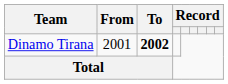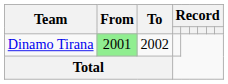 <table class="wikitable" style="text-align: center">
 <tr>
 <th rowspan="2">Team</th>
 <th rowspan="2">From</th>
 <th rowspan="2">To</th>
 <th colspan="6">Record</th>
 </tr>
 <tr>
 <th></th>
 <th></th>
 <th></th>
 <th></th>
 <th></th>
 <th></th>
 </tr>
 <tr>
 <td><a href='#'>Dinamo Tirana</a></td>
-<td>2001</td>
-<td><strong>2002<br></strong></td>
+<td style="background: lightgreen;">2001</td>
+<td>2002<br></td>
 <td></td>
 </tr>
 <tr>
 <th colspan="3">Total<br></th>
 </tr>
 </table>
